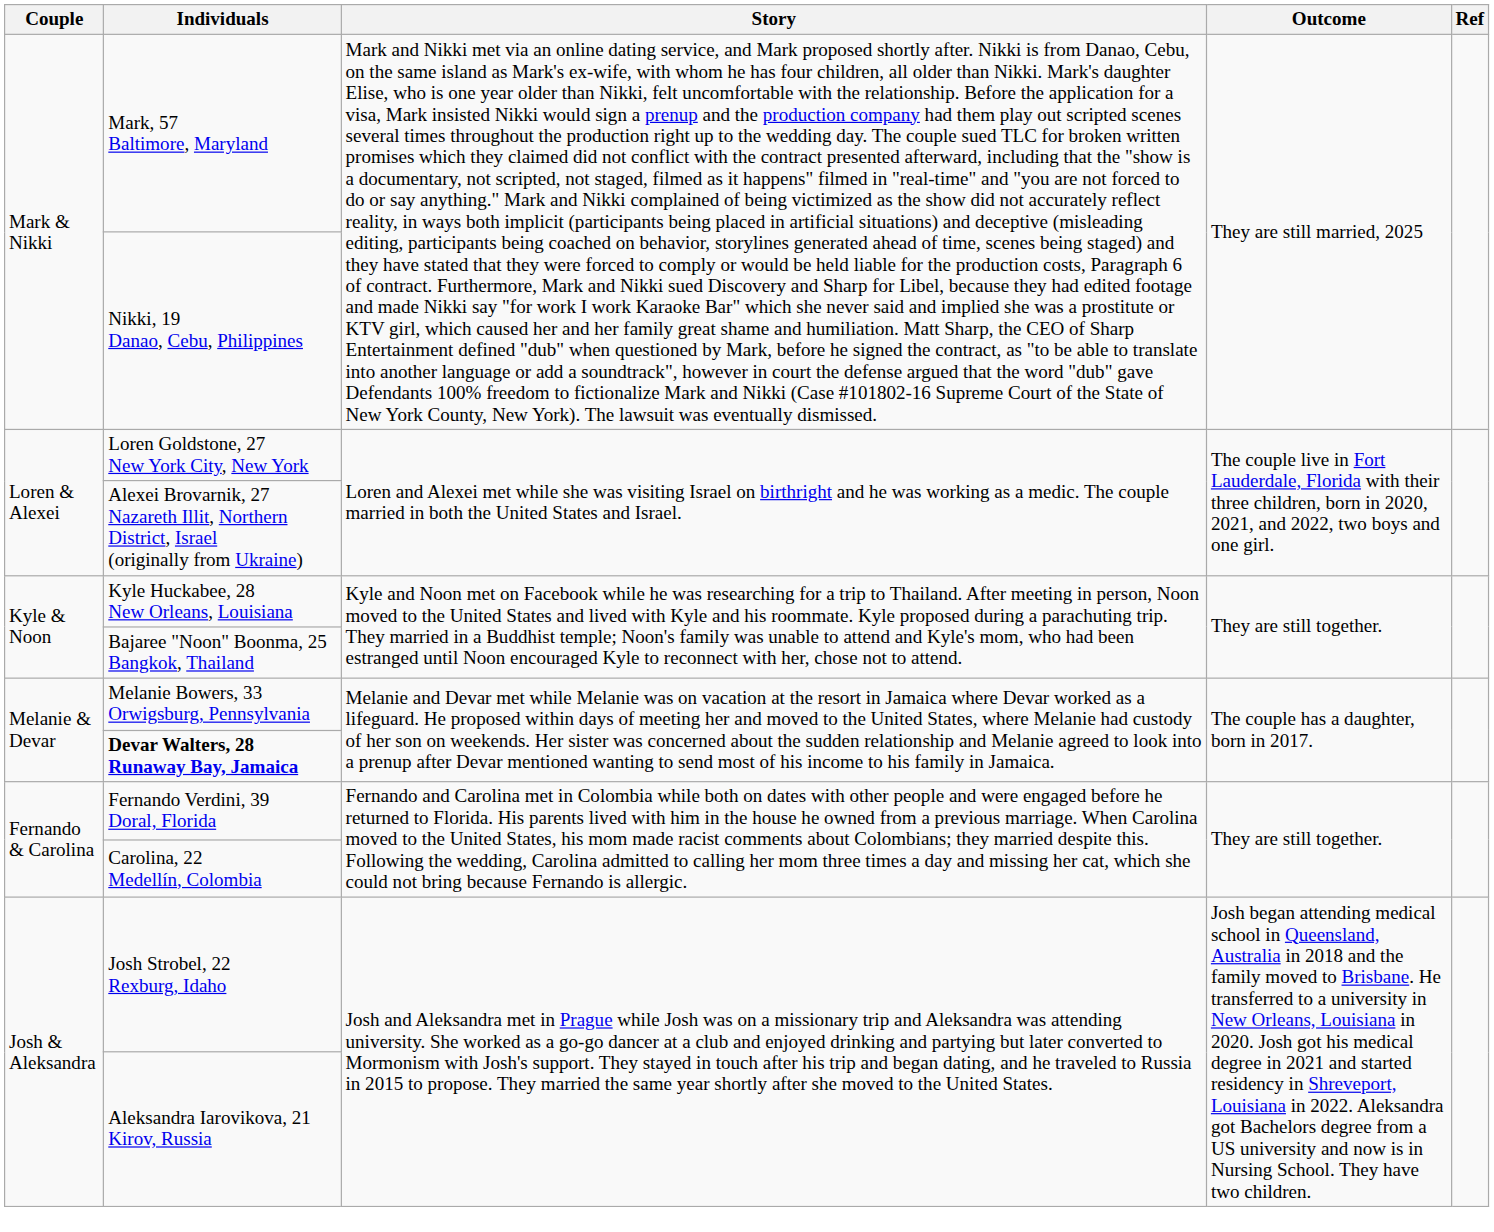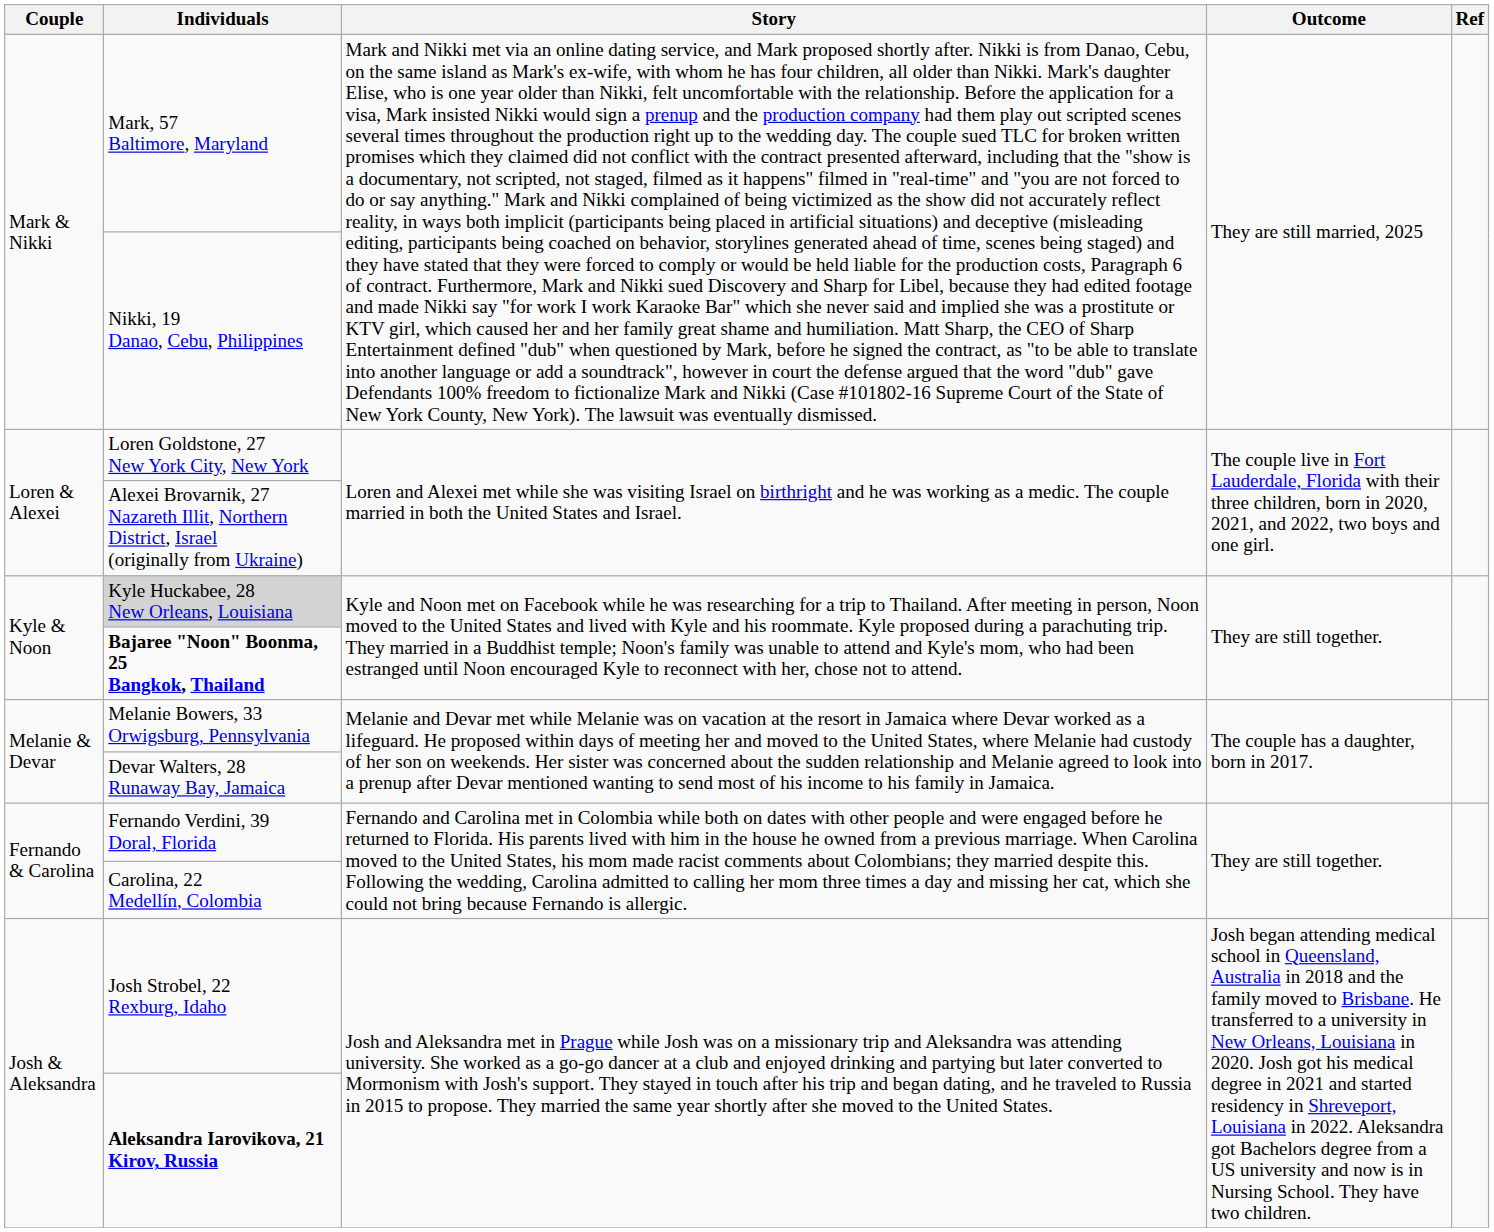 <table class="wikitable sortable">
 <tr>
 <th>Couple</th>
 <th style=width:12em>Individuals</th>
 <th>Story</th>
 <th>Outcome</th>
 <th style=width:1em>Ref</th>
 </tr>
 <tr>
 <td rowspan="2">Mark & Nikki</td>
 <td>Mark, 57<br><a href='#'>Baltimore</a>, <a href='#'>Maryland</a></td>
 <td rowspan="2">Mark and Nikki met via an online dating service, and Mark proposed shortly after. Nikki is from Danao, Cebu, on the same island as Mark's ex-wife, with whom he has four children, all older than Nikki. Mark's daughter Elise, who is one year older than Nikki, felt uncomfortable with the relationship. Before the application for a visa, Mark insisted Nikki would sign a <a href='#'>prenup</a> and the <a href='#'>production company</a> had them play out scripted scenes several times throughout the production right up to the wedding day.  The couple sued TLC for broken written promises which they claimed did not conflict with the contract presented afterward, including that the "show is a documentary, not scripted, not staged, filmed as it happens" filmed in "real-time" and "you are not forced to do or say anything." Mark and Nikki complained of being victimized as the show did not accurately reflect reality, in ways both implicit (participants being placed in artificial situations) and deceptive (misleading editing, participants being coached on behavior, storylines generated ahead of time, scenes being staged) and they have stated that they were forced to comply or would be held liable for the production costs, Paragraph 6 of contract.  Furthermore, Mark and Nikki sued Discovery and Sharp for Libel, because they had edited footage and made Nikki say "for work I work Karaoke Bar" which she never said and implied she was a prostitute or KTV girl, which caused her and her family great shame and humiliation. Matt Sharp, the CEO of Sharp Entertainment defined "dub" when questioned by Mark, before he signed the contract, as "to be able to translate into another language or add a soundtrack", however in court the defense argued that the word "dub" gave Defendants 100% freedom to fictionalize Mark and Nikki (Case #101802-16 Supreme Court of the State of New York County, New York). The lawsuit was eventually dismissed.</td>
 <td rowspan="2">They are still married, 2025</td>
 </tr>
 <tr>
 <td>Nikki, 19<br><a href='#'>Danao</a>, <a href='#'>Cebu</a>, <a href='#'>Philippines</a></td>
 </tr>
 <tr>
 <td rowspan="2">Loren & Alexei</td>
 <td>Loren Goldstone, 27<br><a href='#'>New York City</a>, <a href='#'>New York</a></td>
 <td rowspan="2">Loren and Alexei met while she was visiting Israel on <a href='#'>birthright</a> and he was working as a medic. The couple married in both the United States and Israel.</td>
 <td rowspan="2">The couple live in <a href='#'>Fort Lauderdale, Florida</a> with their three children, born in 2020, 2021, and 2022, two boys and one girl.</td>
 <td rowspan="2"></td>
 </tr>
 <tr>
 <td>Alexei Brovarnik, 27<br><a href='#'>Nazareth Illit</a>, <a href='#'>Northern District</a>, <a href='#'>Israel</a><br>(originally from <a href='#'>Ukraine</a>)</td>
 </tr>
 <tr>
 <td rowspan="2">Kyle & Noon</td>
-<td>Kyle Huckabee, 28<br><a href='#'>New Orleans</a>, <a href='#'>Louisiana</a></td>
+<td style="background: lightgrey;">Kyle Huckabee, 28<br><a href='#'>New Orleans</a>, <a href='#'>Louisiana</a></td>
 <td rowspan="2">Kyle and Noon met on Facebook while he was researching for a trip to Thailand. After meeting in person, Noon moved to the United States and lived with Kyle and his roommate. Kyle proposed during a parachuting trip. They married in a Buddhist temple; Noon's family was unable to attend and Kyle's mom, who had been estranged until Noon encouraged Kyle to reconnect with her, chose not to attend.</td>
 <td rowspan="2">They are still together.</td>
 <td rowspan="2"></td>
 </tr>
 <tr>
-<td>Bajaree "Noon" Boonma, 25<br><a href='#'>Bangkok</a>, <a href='#'>Thailand</a></td>
+<td><strong>Bajaree "Noon" Boonma, 25<br><a href='#'>Bangkok</a>, <a href='#'>Thailand</a></strong></td>
 </tr>
 <tr>
 <td rowspan="2">Melanie & Devar</td>
 <td>Melanie Bowers, 33<br><a href='#'>Orwigsburg, Pennsylvania</a></td>
 <td rowspan="2">Melanie and Devar met while Melanie was on vacation at the resort in Jamaica where Devar worked as a lifeguard. He proposed within days of meeting her and moved to the United States, where Melanie had custody of her son on weekends. Her sister was concerned about the sudden relationship and Melanie agreed to look into a prenup after Devar mentioned wanting to send most of his income to his family in Jamaica.</td>
 <td rowspan="2">The couple has a daughter, born in 2017.</td>
 <td rowspan="2"></td>
 </tr>
 <tr>
-<td><strong>Devar Walters, 28<br><a href='#'>Runaway Bay, Jamaica</a></strong></td>
+<td>Devar Walters, 28<br><a href='#'>Runaway Bay, Jamaica</a></td>
 </tr>
 <tr>
 <td rowspan="2">Fernando & Carolina</td>
 <td>Fernando Verdini, 39<br><a href='#'>Doral, Florida</a></td>
 <td rowspan="2">Fernando and Carolina met in Colombia while both on dates with other people and were engaged before he returned to Florida. His parents lived with him in the house he owned from a previous marriage. When Carolina moved to the United States, his mom made racist comments about Colombians; they married despite this. Following the wedding, Carolina admitted to calling her mom three times a day and missing her cat, which she could not bring because Fernando is allergic.</td>
 <td rowspan="2">They are still together.</td>
 <td rowspan="2"></td>
 </tr>
 <tr>
 <td>Carolina, 22<br><a href='#'>Medellín, Colombia</a></td>
 </tr>
 <tr>
 <td rowspan="2">Josh & Aleksandra</td>
 <td>Josh Strobel, 22<br><a href='#'>Rexburg, Idaho</a></td>
 <td rowspan="2">Josh and Aleksandra met in <a href='#'>Prague</a> while Josh was on a missionary trip and Aleksandra was attending university. She worked as a go-go dancer at a club and enjoyed drinking and partying but later converted to Mormonism with Josh's support. They stayed in touch after his trip and began dating, and he traveled to Russia in 2015 to propose. They married the same year shortly after she moved to the United States.</td>
 <td rowspan="2">Josh began attending medical school in <a href='#'>Queensland, Australia</a> in 2018 and the family moved to <a href='#'>Brisbane</a>. He transferred to a university in <a href='#'>New Orleans, Louisiana</a> in 2020. Josh got his medical degree in 2021 and started residency in <a href='#'>Shreveport, Louisiana</a> in 2022. Aleksandra got Bachelors degree from a US university and now is in Nursing School.  They have two children.</td>
 <td rowspan="2"></td>
 </tr>
 <tr>
-<td>Aleksandra Iarovikova, 21<br><a href='#'>Kirov, Russia</a></td>
+<td><strong>Aleksandra Iarovikova, 21<br><a href='#'>Kirov, Russia</a></strong></td>
 </tr>
 </table>
